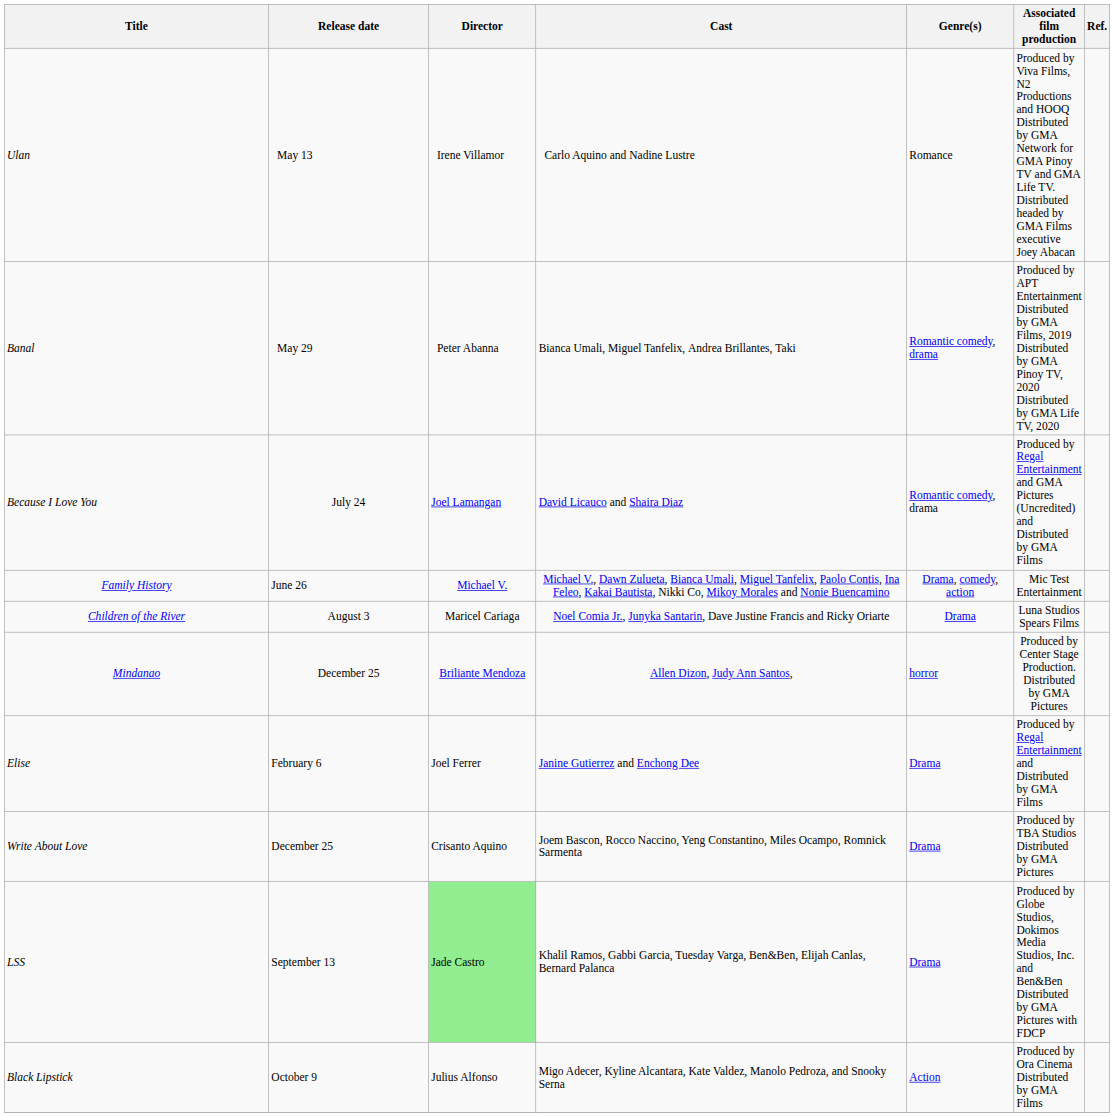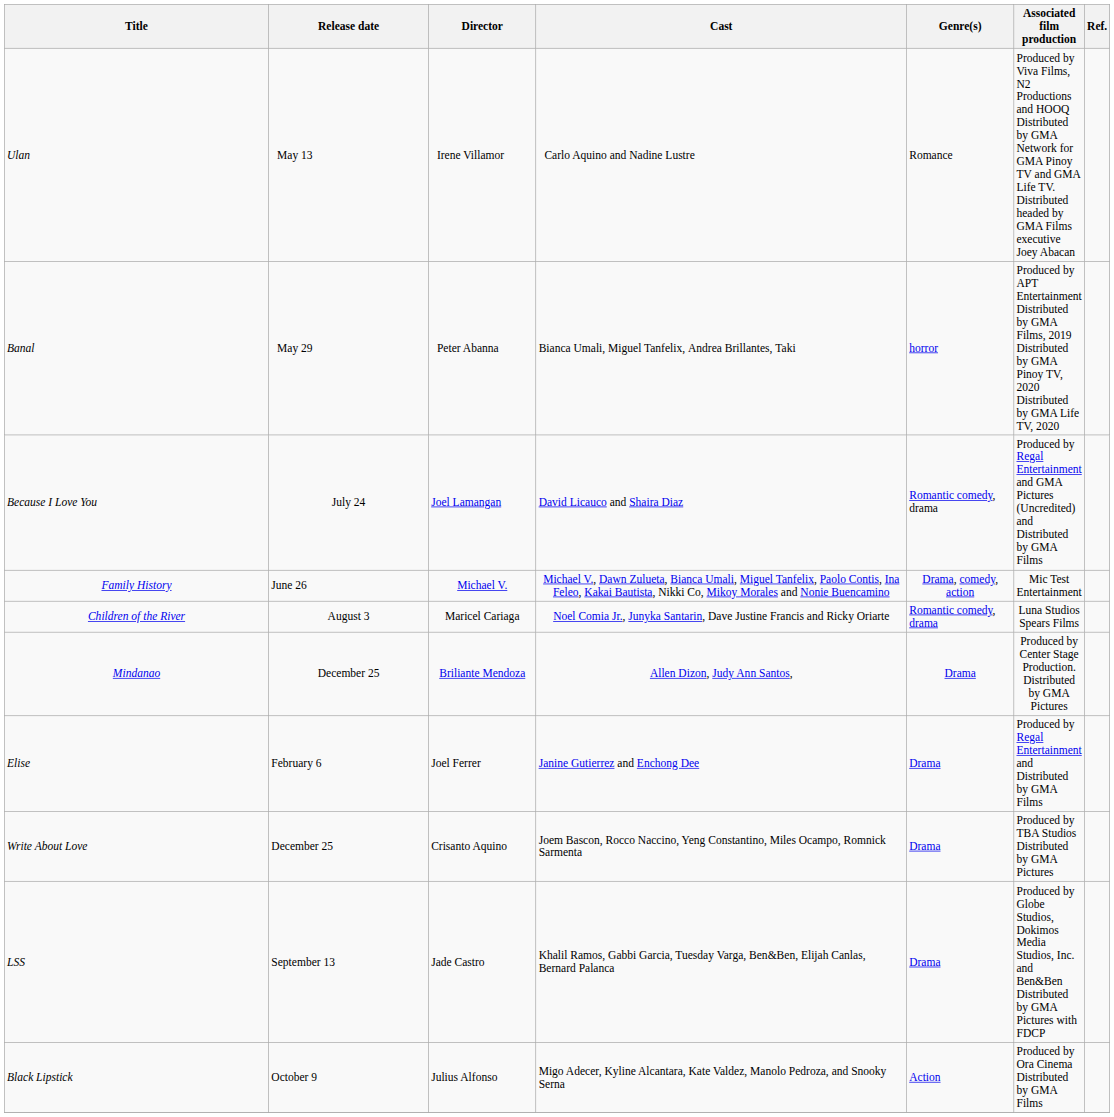 <table class="wikitable" style="width:97%">
 <tr>
 <th style="width:25%;">Title</th>
 <th style="width:15%;">Release date</th>
 <th style="width:10%;">Director</th>
 <th style="width:35%;">Cast </th>
 <th style="width:10%;">Genre(s)</th>
 <th style="width:20%;">Associated film production</th>
 <th style="width:2%;">Ref.</th>
 </tr>
 <tr>
 <td><em>Ulan</em></td>
 <td>  May 13</td>
 <td>  Irene Villamor</td>
 <td>  Carlo Aquino and Nadine Lustre</td>
 <td>Romance</td>
 <td>Produced by Viva Films, N2 Productions and HOOQ<br>Distributed by GMA Network for GMA Pinoy TV and GMA Life TV. Distributed headed by GMA Films executive Joey Abacan </td>
 <td></td>
 </tr>
 <tr>
 <td><em>Banal</em></td>
 <td>  May 29</td>
 <td>  Peter Abanna</td>
 <td>Bianca Umali, Miguel Tanfelix, Andrea Brillantes, Taki</td>
-<td><a href='#'>Romantic comedy</a>, <a href='#'>drama</a></td>
+<td><a href='#'>horror</a></td>
 <td>Produced by APT Entertainment<br>Distributed by GMA Films, 2019 Distributed by GMA Pinoy TV, 2020 Distributed by GMA Life TV, 2020 </td>
 <td></td>
 </tr>
 <tr>
 <td><em>Because I Love You</em></td>
 <td style="text-align: center;">July 24</td>
 <td><a href='#'>Joel Lamangan</a></td>
 <td><a href='#'>David Licauco</a> and <a href='#'>Shaira Diaz</a></td>
 <td><a href='#'>Romantic comedy</a>, drama</td>
 <td>Produced by <a href='#'>Regal Entertainment</a> and GMA Pictures  (Uncredited) and Distributed by GMA Films</td>
 <td></td>
 </tr>
 <tr>
 <td style="text-align: center;"><em><a href='#'>Family History</a></em></td>
 <td>June 26</td>
 <td style="text-align: center;"><a href='#'>Michael V.</a></td>
 <td style="text-align: center;"><a href='#'>Michael V.</a>, <a href='#'>Dawn Zulueta</a>, <a href='#'>Bianca Umali</a>, <a href='#'>Miguel Tanfelix</a>, <a href='#'>Paolo Contis</a>, <a href='#'>Ina Feleo</a>, <a href='#'>Kakai Bautista</a>, Nikki Co, <a href='#'>Mikoy Morales</a> and <a href='#'>Nonie Buencamino</a></td>
 <td style="text-align: center;"><a href='#'>Drama</a>, <a href='#'>comedy</a>, <a href='#'>action</a></td>
 <td style="text-align: center;">Mic Test Entertainment</td>
 <td style="text-align: center;"></td>
 </tr>
 <tr>
 <td style="text-align: center;"><em><a href='#'>Children of the River</a></em></td>
 <td style="text-align: center;">August 3</td>
 <td style="text-align: center;">Maricel Cariaga</td>
 <td style="text-align: center;"><a href='#'>Noel Comia Jr.</a>, <a href='#'>Junyka Santarin</a>, Dave Justine Francis and Ricky Oriarte</td>
-<td style="text-align: center;"><a href='#'>Drama</a></td>
+<td><a href='#'>Romantic comedy</a>, <a href='#'>drama</a></td>
 <td style="text-align: center;">Luna Studios<br>Spears Films</td>
 <td style="text-align: center;"></td>
 </tr>
 <tr>
 <td style="text-align: center;"><em><a href='#'>Mindanao</a></em></td>
 <td style="text-align: center;">December 25</td>
 <td style="text-align: center;"><a href='#'>Briliante Mendoza</a></td>
 <td style="text-align: center;"><a href='#'>Allen Dizon</a>, <a href='#'>Judy Ann Santos</a>,</td>
-<td><a href='#'>horror</a></td>
+<td style="text-align: center;"><a href='#'>Drama</a></td>
 <td style="text-align: center;">Produced by Center Stage Production. Distributed by GMA Pictures</td>
 <td style="text-align: center;"></td>
 </tr>
 <tr>
 <td><em>Elise</em></td>
 <td>February 6</td>
 <td>Joel Ferrer</td>
 <td><a href='#'>Janine Gutierrez</a> and <a href='#'>Enchong Dee</a></td>
 <td><a href='#'>Drama</a></td>
 <td>Produced by <a href='#'>Regal Entertainment</a> and Distributed by GMA Films</td>
 <td></td>
 </tr>
 <tr>
 <td><em>Write About Love</em></td>
 <td>December 25</td>
 <td>Crisanto Aquino</td>
 <td>Joem Bascon, Rocco Naccino, Yeng Constantino, Miles Ocampo, Romnick Sarmenta</td>
 <td><a href='#'>Drama</a></td>
 <td>Produced by TBA Studios<br>Distributed by GMA Pictures</td>
 <td></td>
 </tr>
 <tr>
 <td><em>LSS</em></td>
 <td>September 13</td>
-<td style="background: lightgreen;">Jade Castro</td>
+<td>Jade Castro</td>
 <td>Khalil Ramos, Gabbi Garcia, Tuesday Varga, Ben&Ben, Elijah Canlas, Bernard Palanca</td>
 <td><a href='#'>Drama</a></td>
 <td>Produced by Globe Studios, Dokimos Media Studios, Inc. and Ben&Ben<br>Distributed by GMA Pictures with FDCP</td>
 <td></td>
 </tr>
 <tr>
 <td><em>Black Lipstick</em></td>
 <td>October 9</td>
 <td>Julius Alfonso</td>
 <td>Migo Adecer, Kyline Alcantara, Kate Valdez, Manolo Pedroza, and Snooky Serna</td>
 <td><a href='#'>Action</a></td>
 <td>Produced by Ora Cinema<br>Distributed by GMA Films</td>
 <td></td>
 </tr>
 <tr>
 </tr>
 </table>
